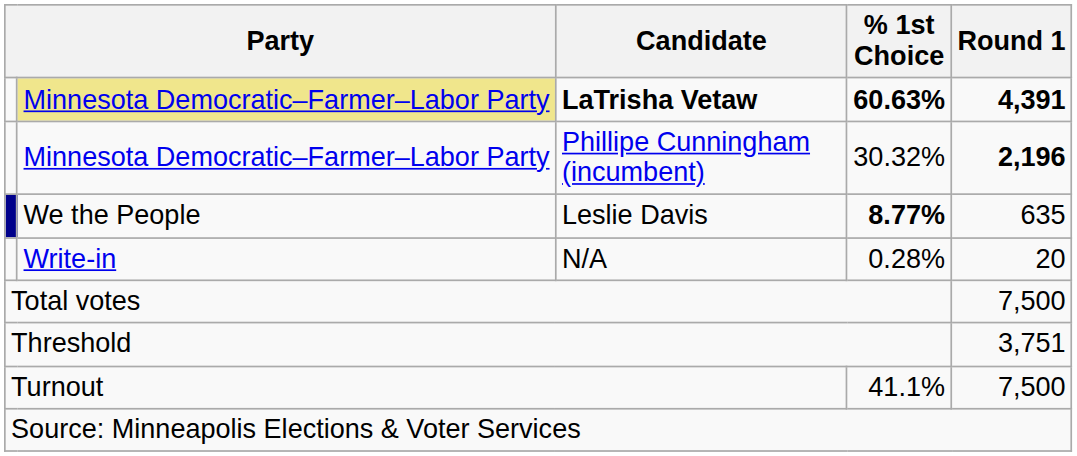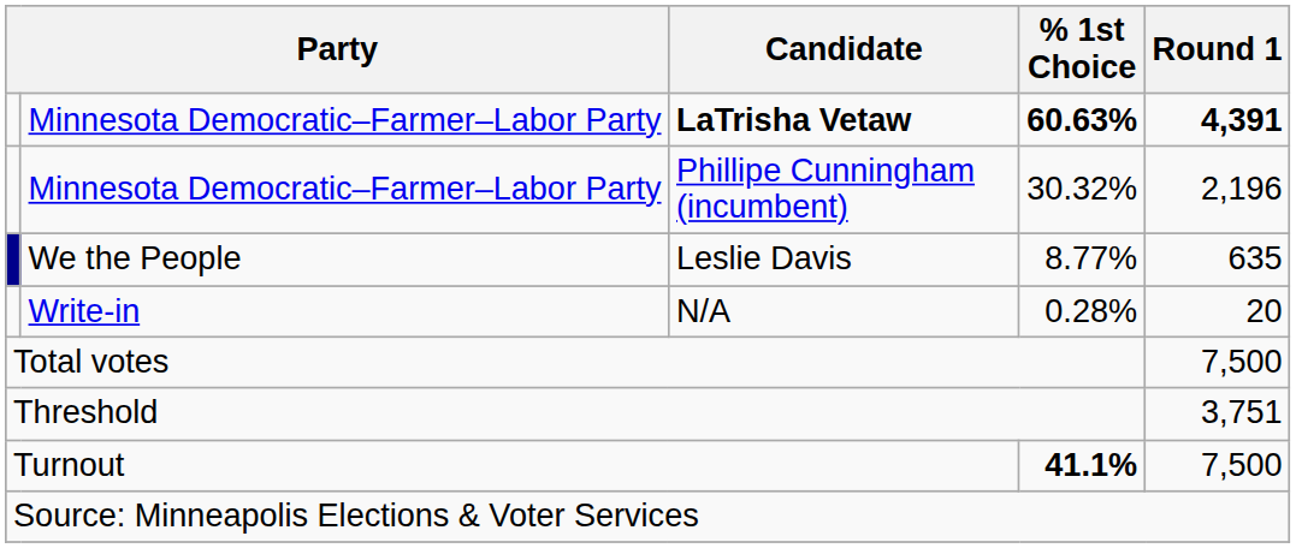 <table class="wikitable">
 <tr>
 <th colspan="2" style="width:290px">Party</th>
 <th style="width:165px">Candidate</th>
 <th>% 1st<br>Choice</th>
 <th>Round 1</th>
 </tr>
 <tr>
 <td style="background-color:"></td>
-<td style="background: khaki;"><a href='#'>Minnesota Democratic–Farmer–Labor Party</a></td>
+<td><a href='#'>Minnesota Democratic–Farmer–Labor Party</a></td>
 <td><strong>LaTrisha Vetaw</strong></td>
 <td align="right"><strong>60.63%</strong></td>
 <td align="right"><strong>4,391</strong></td>
 </tr>
 <tr>
 <td style="background-color:"></td>
 <td><a href='#'>Minnesota Democratic–Farmer–Labor Party</a></td>
 <td><a href='#'> Phillipe Cunningham (incumbent)</a></td>
 <td align="right">30.32%</td>
-<td align="right"><strong>2,196</strong></td>
+<td align="right">2,196</td>
 </tr>
 <tr>
 <td style="background-color:darkblue"></td>
 <td>We the People</td>
 <td>Leslie Davis</td>
-<td align="right"><strong>8.77%</strong></td>
+<td align="right">8.77%</td>
 <td align="right">635</td>
 </tr>
 <tr>
 <td style="background-color:"></td>
 <td><a href='#'>Write-in</a></td>
 <td>N/A</td>
 <td align="right">0.28%</td>
 <td align="right">20</td>
 </tr>
 <tr>
 <td colspan="4">Total votes</td>
 <td align="right">7,500</td>
 </tr>
 <tr>
 <td colspan="4">Threshold</td>
 <td align="right">3,751</td>
 </tr>
 <tr>
 <td colspan="3">Turnout</td>
-<td align="right">41.1%</td>
+<td align="right"><strong>41.1%</strong></td>
 <td align="right">7,500</td>
 </tr>
 <tr>
 <td colspan="8">Source: Minneapolis Elections & Voter Services</td>
 </tr>
 </table>
